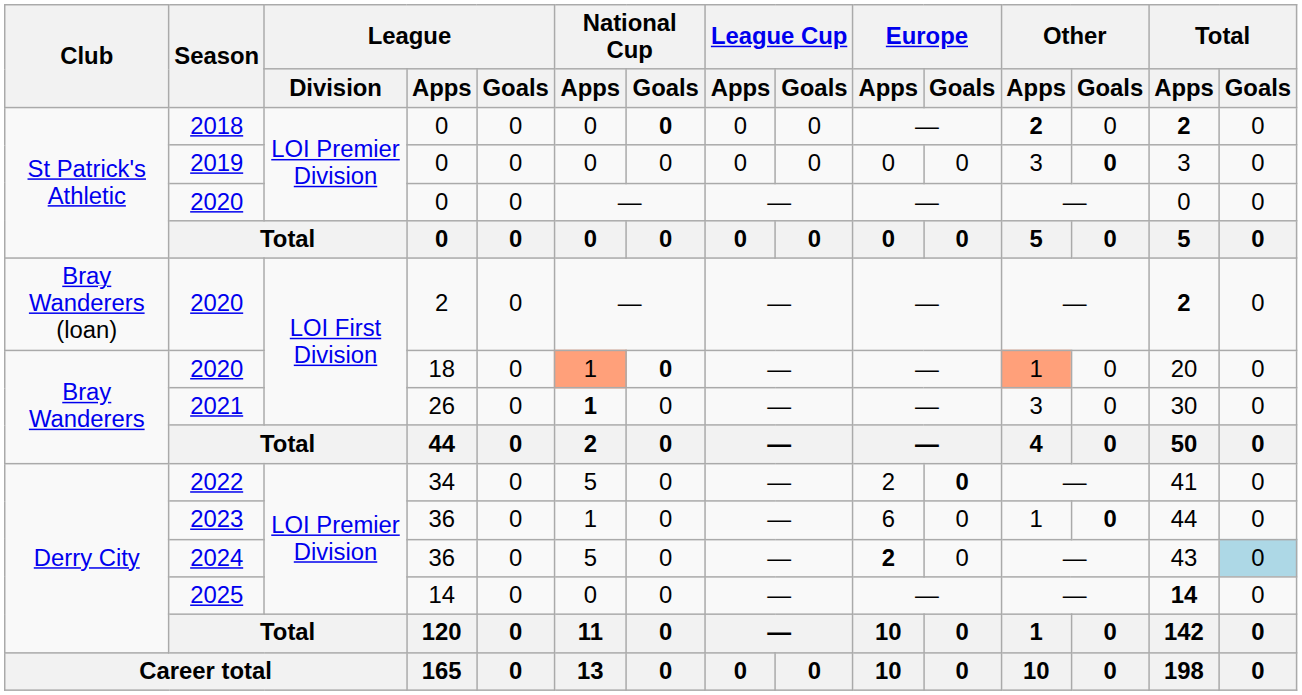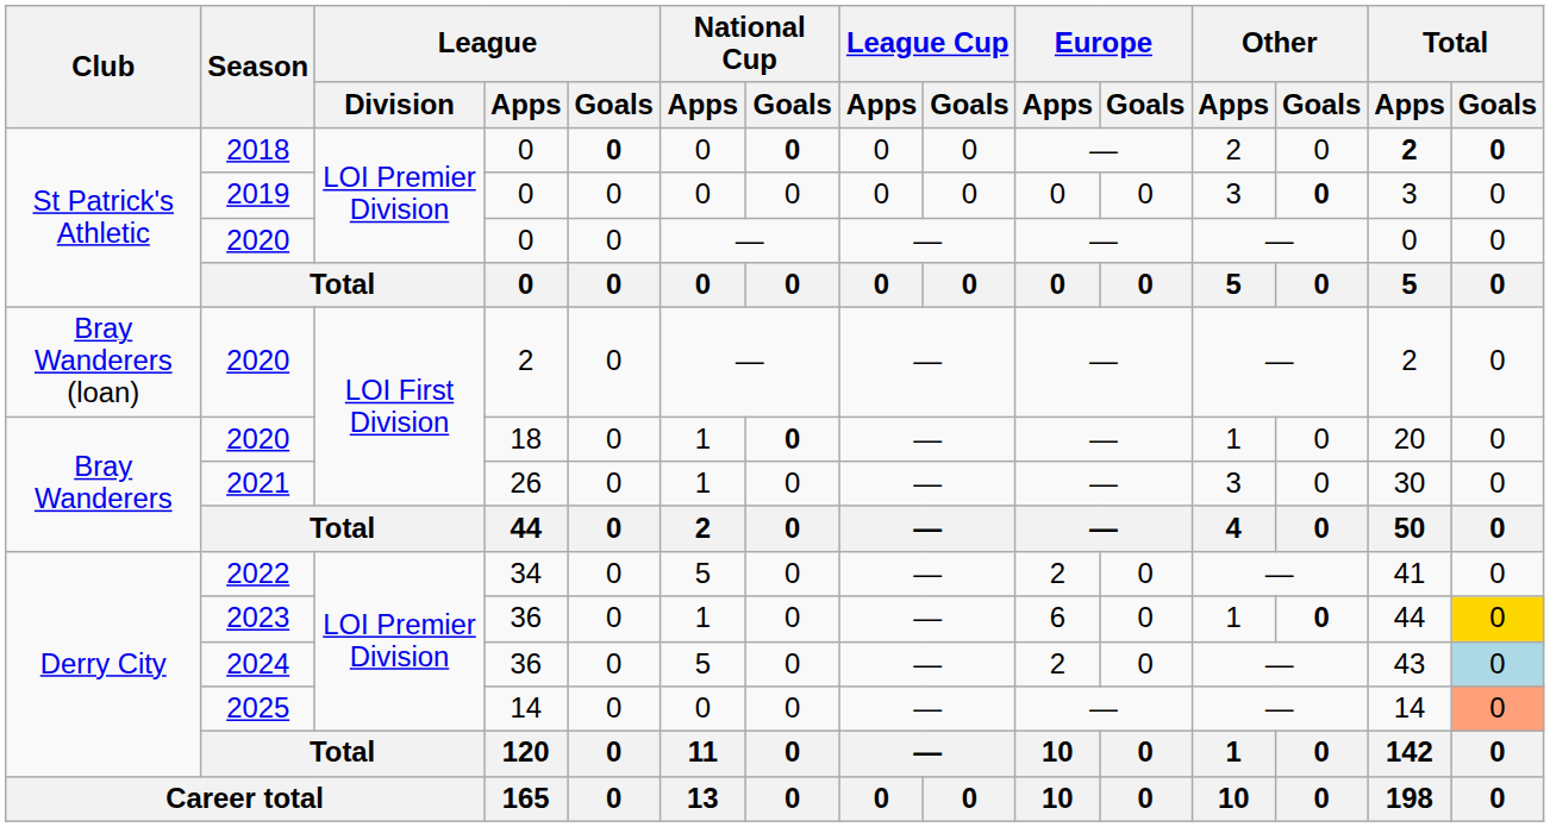 <table class="wikitable" style="text-align:center">
 <tr>
 <th rowspan=2>Club</th>
 <th rowspan=2>Season</th>
 <th colspan=3>League</th>
 <th colspan=2>National Cup</th>
 <th colspan=2><a href='#'>League Cup</a></th>
 <th colspan=2><a href='#'>Europe</a></th>
 <th colspan=2>Other</th>
 <th colspan=2>Total</th>
 </tr>
 <tr>
 <th>Division</th>
 <th>Apps</th>
 <th>Goals</th>
 <th>Apps</th>
 <th>Goals</th>
 <th>Apps</th>
 <th>Goals</th>
 <th>Apps</th>
 <th>Goals</th>
 <th>Apps</th>
 <th>Goals</th>
 <th>Apps</th>
 <th>Goals</th>
 </tr>
 <tr>
 <td rowspan="4"><a href='#'>St Patrick's Athletic</a></td>
 <td><a href='#'>2018</a></td>
 <td rowspan="3"><a href='#'>LOI Premier Division</a></td>
 <td>0</td>
-<td>0</td>
+<td><strong>0</strong></td>
 <td>0</td>
 <td><strong>0</strong></td>
 <td>0</td>
 <td>0</td>
 <td colspan="2">—</td>
-<td><strong>2</strong></td>
+<td>2</td>
 <td>0</td>
 <td><strong>2</strong></td>
-<td>0</td>
+<td><strong>0</strong></td>
 </tr>
 <tr>
 <td><a href='#'>2019</a></td>
 <td>0</td>
 <td>0</td>
 <td>0</td>
 <td>0</td>
 <td>0</td>
 <td>0</td>
 <td>0</td>
 <td>0</td>
 <td>3</td>
 <td><strong>0</strong></td>
 <td>3</td>
 <td>0</td>
 </tr>
 <tr>
 <td><a href='#'>2020</a></td>
 <td>0</td>
 <td>0</td>
 <td colspan="2">—</td>
 <td colspan="2">—</td>
 <td colspan="2">—</td>
 <td colspan="2">—</td>
 <td>0</td>
 <td>0</td>
 </tr>
 <tr>
 <th colspan="2">Total</th>
 <th>0</th>
 <th>0</th>
 <th>0</th>
 <th>0</th>
 <th>0</th>
 <th>0</th>
 <th>0</th>
 <th>0</th>
 <th>5</th>
 <th>0</th>
 <th>5</th>
 <th>0</th>
 </tr>
 <tr>
 <td><a href='#'>Bray Wanderers</a> (loan)</td>
 <td><a href='#'>2020</a></td>
 <td rowspan="3"><a href='#'>LOI First Division</a></td>
 <td>2</td>
 <td>0</td>
 <td colspan="2">—</td>
 <td colspan="2">—</td>
 <td colspan="2">—</td>
 <td colspan="2">—</td>
-<td><strong>2</strong></td>
+<td>2</td>
 <td>0</td>
 </tr>
 <tr>
 <td rowspan="3"><a href='#'>Bray Wanderers</a></td>
 <td><a href='#'>2020</a></td>
 <td>18</td>
 <td>0</td>
-<td style="background: lightsalmon;">1</td>
+<td>1</td>
 <td><strong>0</strong></td>
 <td colspan="2">—</td>
 <td colspan="2">—</td>
-<td style="background: lightsalmon;">1</td>
+<td>1</td>
 <td>0</td>
 <td>20</td>
 <td>0</td>
 </tr>
 <tr>
 <td><a href='#'>2021</a></td>
 <td>26</td>
 <td>0</td>
-<td><strong>1</strong></td>
+<td>1</td>
 <td>0</td>
 <td colspan="2">—</td>
 <td colspan="2">—</td>
 <td>3</td>
 <td>0</td>
 <td>30</td>
 <td>0</td>
 </tr>
 <tr>
 <th colspan="2">Total</th>
 <th>44</th>
 <th>0</th>
 <th>2</th>
 <th>0</th>
 <th colspan="2">—</th>
 <th colspan="2">—</th>
 <th>4</th>
 <th>0</th>
 <th>50</th>
 <th>0</th>
 </tr>
 <tr>
 <td rowspan="5"><a href='#'>Derry City</a></td>
 <td><a href='#'>2022</a></td>
 <td rowspan="4"><a href='#'>LOI Premier Division</a></td>
 <td>34</td>
 <td>0</td>
 <td>5</td>
 <td>0</td>
 <td colspan="2">—</td>
 <td>2</td>
-<td><strong>0</strong></td>
+<td>0</td>
 <td colspan="2">—</td>
 <td>41</td>
 <td>0</td>
 </tr>
 <tr>
 <td><a href='#'>2023</a></td>
 <td>36</td>
 <td>0</td>
 <td>1</td>
 <td>0</td>
 <td colspan="2">—</td>
 <td>6</td>
 <td>0</td>
 <td>1</td>
 <td><strong>0</strong></td>
 <td>44</td>
-<td>0</td>
+<td style="background: gold;">0</td>
 </tr>
 <tr>
 <td><a href='#'>2024</a></td>
 <td>36</td>
 <td>0</td>
 <td>5</td>
 <td>0</td>
 <td colspan="2">—</td>
-<td><strong>2</strong></td>
+<td>2</td>
 <td>0</td>
 <td colspan="2">—</td>
 <td>43</td>
 <td style="background: lightblue;">0</td>
 </tr>
 <tr>
 <td><a href='#'>2025</a></td>
 <td>14</td>
 <td>0</td>
 <td>0</td>
 <td>0</td>
 <td colspan="2">—</td>
 <td colspan="2">—</td>
 <td colspan="2">—</td>
-<td><strong>14</strong></td>
-<td>0</td>
+<td>14</td>
+<td style="background: lightsalmon;">0</td>
 </tr>
 <tr>
 <th colspan="2">Total</th>
 <th>120</th>
 <th>0</th>
 <th>11</th>
 <th>0</th>
 <th colspan="2">—</th>
 <th>10</th>
 <th>0</th>
 <th>1</th>
 <th>0</th>
 <th>142</th>
 <th>0</th>
 </tr>
 <tr>
 <th colspan=3>Career total</th>
 <th>165</th>
 <th>0</th>
 <th>13</th>
 <th>0</th>
 <th>0</th>
 <th>0</th>
 <th>10</th>
 <th>0</th>
 <th>10</th>
 <th>0</th>
 <th>198</th>
 <th>0</th>
 </tr>
 </table>
